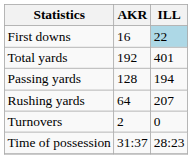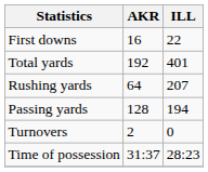 <table class="wikitable">
 <tr>
 <th>Statistics</th>
 <th>AKR</th>
 <th>ILL</th>
 </tr>
 <tr>
 <td>First downs</td>
 <td>16</td>
-<td style="background: lightblue;">22</td>
+<td>22</td>
 </tr>
 <tr>
 <td>Total yards</td>
 <td>192</td>
 <td>401</td>
 </tr>
 <tr>
+<td>Rushing yards</td>
+<td>64</td>
+<td>207</td>
+</tr>
+<tr>
 <td>Passing yards</td>
 <td>128</td>
 <td>194</td>
-</tr>
-<tr>
-<td>Rushing yards</td>
-<td>64</td>
-<td>207</td>
 </tr>
 <tr>
 <td>Turnovers</td>
 <td>2</td>
 <td>0</td>
 </tr>
 <tr>
 <td>Time of possession</td>
 <td>31:37</td>
 <td>28:23</td>
 </tr>
 <tr>
 </tr>
 </table>
